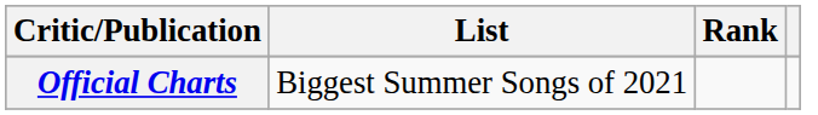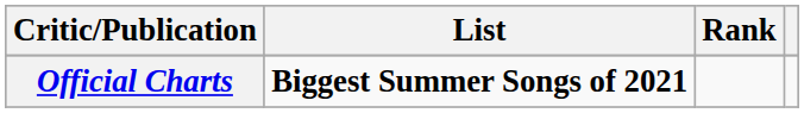 <table class="wikitable plainrowheaders sortable">
 <tr>
 <th>Critic/Publication</th>
 <th scope="col" class="unsortable">List</th>
 <th data-sort-type="number">Rank</th>
 <th scope="col" class="unsortable"></th>
 </tr>
 <tr>
 </tr>
 <tr>
 <th scope="row" rowspan="1"><em><a href='#'>Official Charts </a></em></th>
-<td>Biggest Summer Songs of 2021</td>
+<td><strong>Biggest Summer Songs of 2021</strong></td>
 <td></td>
 <td style="text-align:center;"></td>
 </tr>
 </table>
